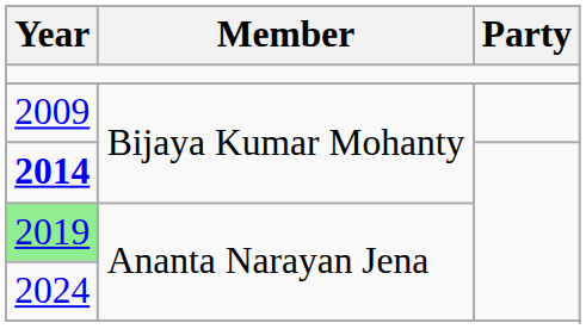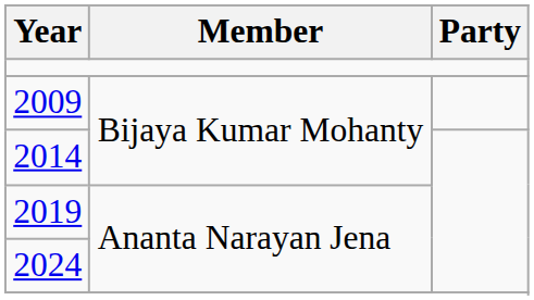 <table class="wikitable">
 <tr>
 <th>Year</th>
 <th>Member</th>
 <th colspan=2>Party</th>
 </tr>
 <tr>
 <td colspan="4"></td>
 </tr>
 <tr>
 <td><a href='#'>2009</a></td>
 <td rowspan="2">Bijaya Kumar Mohanty</td>
 <td></td>
 </tr>
 <tr>
-<td><strong><a href='#'>2014</a></strong></td>
+<td><a href='#'>2014</a></td>
 </tr>
 <tr>
-<td style="background: lightgreen;"><a href='#'>2019</a></td>
+<td><a href='#'>2019</a></td>
 <td rowspan="2">Ananta Narayan Jena</td>
 </tr>
 <tr>
 <td><a href='#'>2024</a></td>
 </tr>
 <tr>
 </tr>
 </table>
